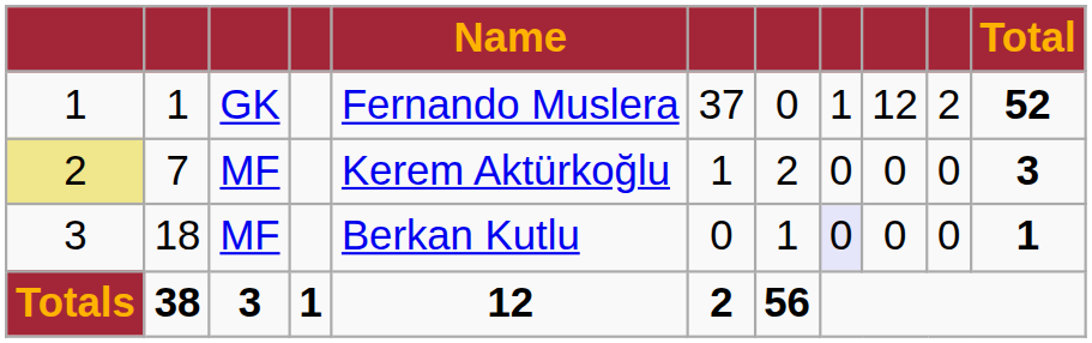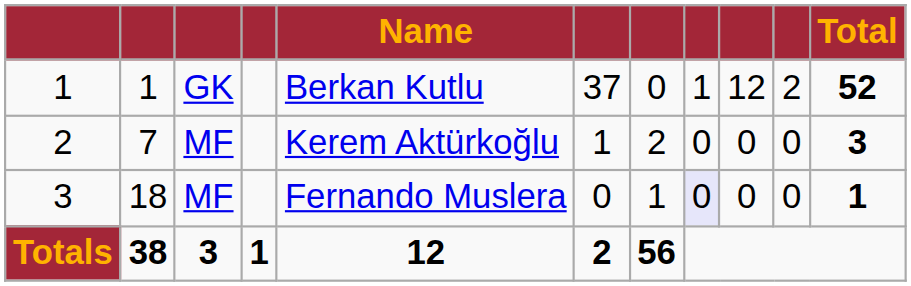 <table class="wikitable" style="text-align:center">
 <tr>
 <th style="background:#A32638; color:#FFB300; "></th>
 <th style="background:#A32638; color:#FFB300; "></th>
 <th style="background:#A32638; color:#FFB300; "></th>
 <th style="background:#A32638; color:#FFB300; "></th>
 <th style="background:#A32638; color:#FFB300; ">Name</th>
 <th style="background:#A32638; color:#FFB300; "></th>
 <th style="background:#A32638; color:#FFB300; "></th>
 <th style="background:#A32638; color:#FFB300; "></th>
 <th style="background:#A32638; color:#FFB300; "></th>
 <th style="background:#A32638; color:#FFB300; "></th>
 <th style="background:#A32638; color:#FFB300; ">Total</th>
 </tr>
 <tr>
 <td rowspan="1">1</td>
 <td>1</td>
 <td><a href='#'>GK</a></td>
 <td></td>
-<td align=left><a href='#'>Fernando Muslera</a></td>
+<td align=left><a href='#'>Berkan Kutlu</a></td>
 <td>37</td>
 <td>0</td>
 <td>1</td>
 <td>12</td>
 <td>2</td>
 <td><strong>52</strong></td>
 </tr>
 <tr>
-<td rowspan="1" style="background: khaki;">2</td>
+<td rowspan="1">2</td>
 <td>7</td>
 <td><a href='#'>MF</a></td>
 <td></td>
 <td align=left><a href='#'>Kerem Aktürkoğlu</a></td>
 <td>1</td>
 <td>2</td>
 <td>0</td>
 <td>0</td>
 <td>0</td>
 <td><strong>3</strong></td>
 </tr>
 <tr>
 <td rowspan="1">3</td>
 <td>18</td>
 <td><a href='#'>MF</a></td>
 <td></td>
-<td align=left><a href='#'>Berkan Kutlu</a></td>
+<td align=left><a href='#'>Fernando Muslera</a></td>
 <td>0</td>
 <td>1</td>
 <td style="background: lavender;">0</td>
 <td>0</td>
 <td>0</td>
 <td><strong>1</strong></td>
 </tr>
 <tr>
 <td style="background:#A32638; color:#FFB300; "><strong>Totals</strong></td>
 <td><strong>38</strong></td>
 <td><strong>3</strong></td>
 <td><strong>1</strong></td>
 <td><strong>12</strong></td>
 <td><strong>2</strong></td>
 <td><strong>56</strong></td>
 </tr>
 </table>
